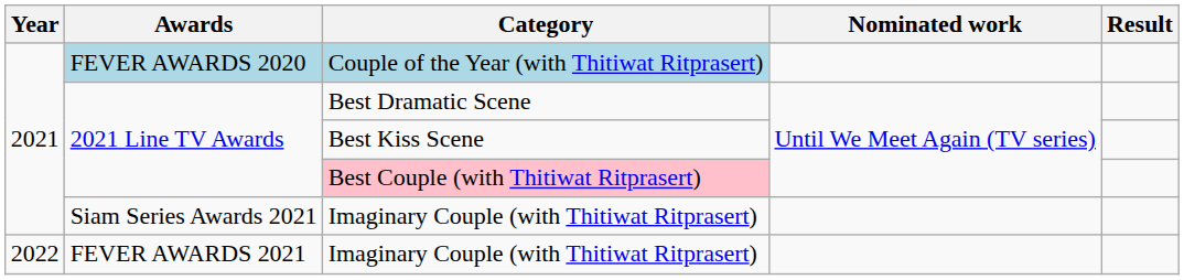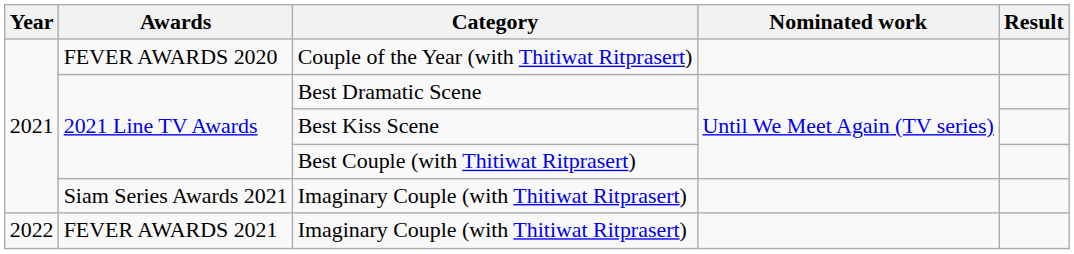 <table class="wikitable">
 <tr>
 <th>Year</th>
 <th>Awards</th>
 <th>Category</th>
 <th>Nominated work</th>
 <th>Result</th>
 </tr>
 <tr>
 <td rowspan="5">2021</td>
-<td style="background: lightblue;">FEVER AWARDS 2020</td>
-<td style="background: lightblue;">Couple of the Year (with <a href='#'>Thitiwat Ritprasert</a>)</td>
+<td>FEVER AWARDS 2020</td>
+<td>Couple of the Year (with <a href='#'>Thitiwat Ritprasert</a>)</td>
 <td></td>
 <td></td>
 </tr>
 <tr>
 <td rowspan="3"><a href='#'>2021 Line TV Awards</a></td>
 <td>Best Dramatic Scene</td>
 <td rowspan="3"><a href='#'>Until We Meet Again (TV series)</a></td>
 <td></td>
 </tr>
 <tr>
 <td>Best Kiss Scene</td>
 <td></td>
 </tr>
 <tr>
-<td style="background: pink;">Best Couple (with <a href='#'>Thitiwat Ritprasert</a>)</td>
+<td>Best Couple (with <a href='#'>Thitiwat Ritprasert</a>)</td>
 <td></td>
 </tr>
 <tr>
 <td>Siam Series Awards 2021</td>
 <td>Imaginary Couple (with <a href='#'>Thitiwat Ritprasert</a>)</td>
 <td></td>
 <td></td>
 </tr>
 <tr>
 <td>2022</td>
 <td>FEVER AWARDS 2021</td>
 <td>Imaginary Couple (with <a href='#'>Thitiwat Ritprasert</a>)</td>
 <td></td>
 <td></td>
 </tr>
 </table>
